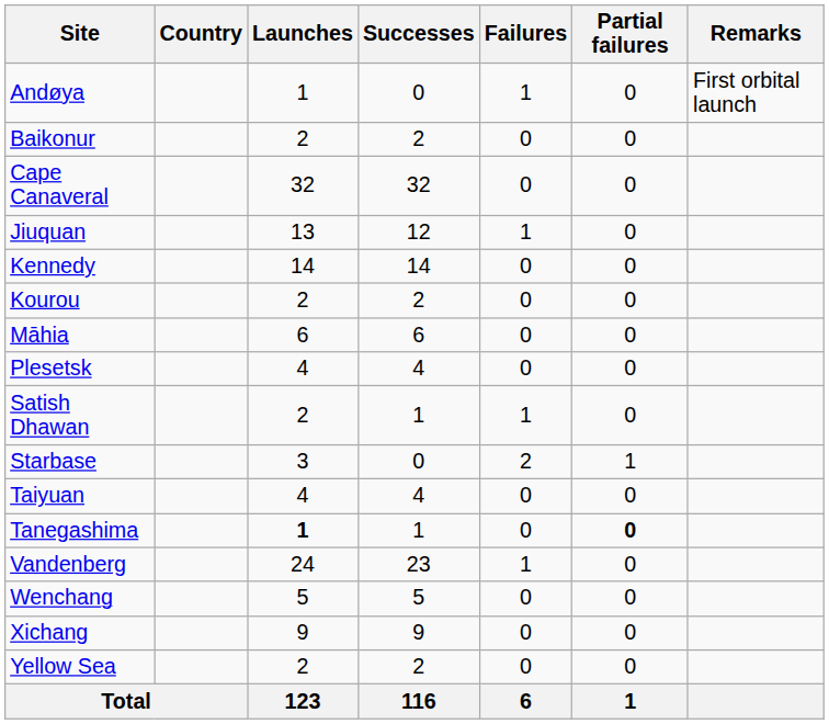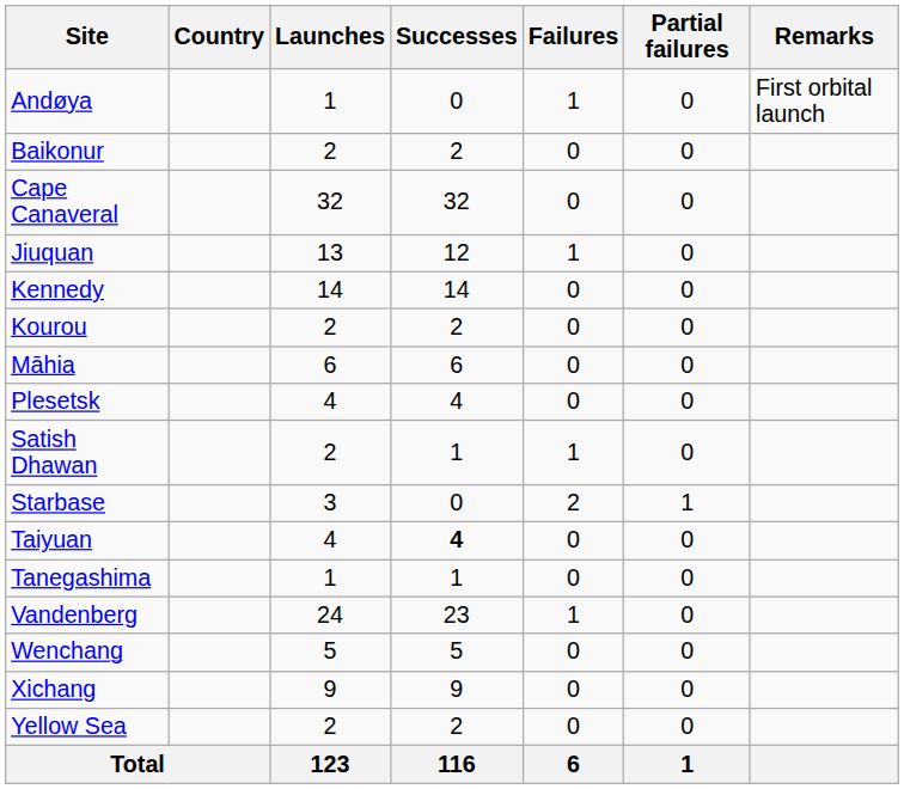 <table class="wikitable sortable" style=text-align:center>
 <tr>
 <th>Site</th>
 <th>Country</th>
 <th>Launches</th>
 <th>Successes</th>
 <th>Failures</th>
 <th>Partial failures</th>
 <th>Remarks</th>
 </tr>
 <tr>
 <td align=left><a href='#'>Andøya</a></td>
 <td align=left></td>
 <td>1</td>
 <td>0</td>
 <td>1</td>
 <td>0</td>
 <td align=left>First orbital launch</td>
 </tr>
 <tr>
 <td align=left><a href='#'>Baikonur</a></td>
 <td align=left></td>
 <td>2</td>
 <td>2</td>
 <td>0</td>
 <td>0</td>
 <td></td>
 </tr>
 <tr>
 <td align=left><a href='#'>Cape Canaveral</a></td>
 <td align=left></td>
 <td>32</td>
 <td>32</td>
 <td>0</td>
 <td>0</td>
 <td></td>
 </tr>
 <tr>
 <td align=left><a href='#'>Jiuquan</a></td>
 <td align=left></td>
 <td>13</td>
 <td>12</td>
 <td>1</td>
 <td>0</td>
 <td></td>
 </tr>
 <tr>
 <td align=left><a href='#'>Kennedy</a></td>
 <td align=left></td>
 <td>14</td>
 <td>14</td>
 <td>0</td>
 <td>0</td>
 <td></td>
 </tr>
 <tr>
 <td align=left><a href='#'>Kourou</a></td>
 <td align=left></td>
 <td>2</td>
 <td>2</td>
 <td>0</td>
 <td>0</td>
 <td></td>
 </tr>
 <tr>
 <td align=left><a href='#'>Māhia</a></td>
 <td align=left></td>
 <td>6</td>
 <td>6</td>
 <td>0</td>
 <td>0</td>
 <td></td>
 </tr>
 <tr>
 <td align=left><a href='#'>Plesetsk</a></td>
 <td align=left></td>
 <td>4</td>
 <td>4</td>
 <td>0</td>
 <td>0</td>
 <td></td>
 </tr>
 <tr>
 <td align=left><a href='#'>Satish Dhawan</a></td>
 <td align=left></td>
 <td>2</td>
 <td>1</td>
 <td>1</td>
 <td>0</td>
 <td></td>
 </tr>
 <tr>
 <td align=left><a href='#'>Starbase</a></td>
 <td align=left></td>
 <td>3</td>
 <td>0</td>
 <td>2</td>
 <td>1</td>
 <td></td>
 </tr>
 <tr>
 <td align=left><a href='#'>Taiyuan</a></td>
 <td align=left></td>
 <td>4</td>
-<td>4</td>
+<td><strong>4</strong></td>
 <td>0</td>
 <td>0</td>
 <td></td>
 </tr>
 <tr>
 <td align=left><a href='#'>Tanegashima</a></td>
 <td align=left></td>
-<td><strong>1</strong></td>
+<td>1</td>
 <td>1</td>
 <td>0</td>
-<td><strong>0</strong></td>
+<td>0</td>
 <td></td>
 </tr>
 <tr>
 <td align=left><a href='#'>Vandenberg</a></td>
 <td align=left></td>
 <td>24</td>
 <td>23</td>
 <td>1</td>
 <td>0</td>
 <td></td>
 </tr>
 <tr>
 <td align=left><a href='#'>Wenchang</a></td>
 <td align=left></td>
 <td>5</td>
 <td>5</td>
 <td>0</td>
 <td>0</td>
 <td></td>
 </tr>
 <tr>
 <td align=left><a href='#'>Xichang</a></td>
 <td align=left></td>
 <td>9</td>
 <td>9</td>
 <td>0</td>
 <td>0</td>
 <td></td>
 </tr>
 <tr>
 <td align=left><a href='#'>Yellow Sea</a></td>
 <td align=left></td>
 <td>2</td>
 <td>2</td>
 <td>0</td>
 <td>0</td>
 <td></td>
 </tr>
 <tr>
 <th colspan=2>Total</th>
 <th>123</th>
 <th>116</th>
 <th>6</th>
 <th>1</th>
 <th></th>
 </tr>
 </table>
